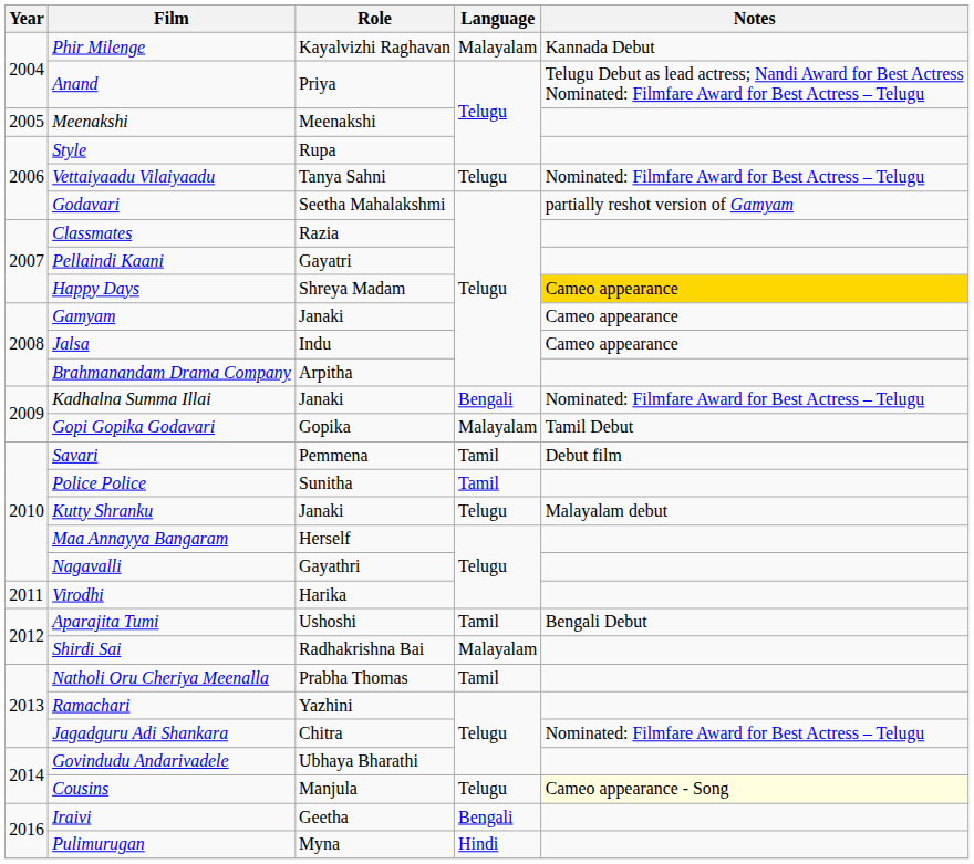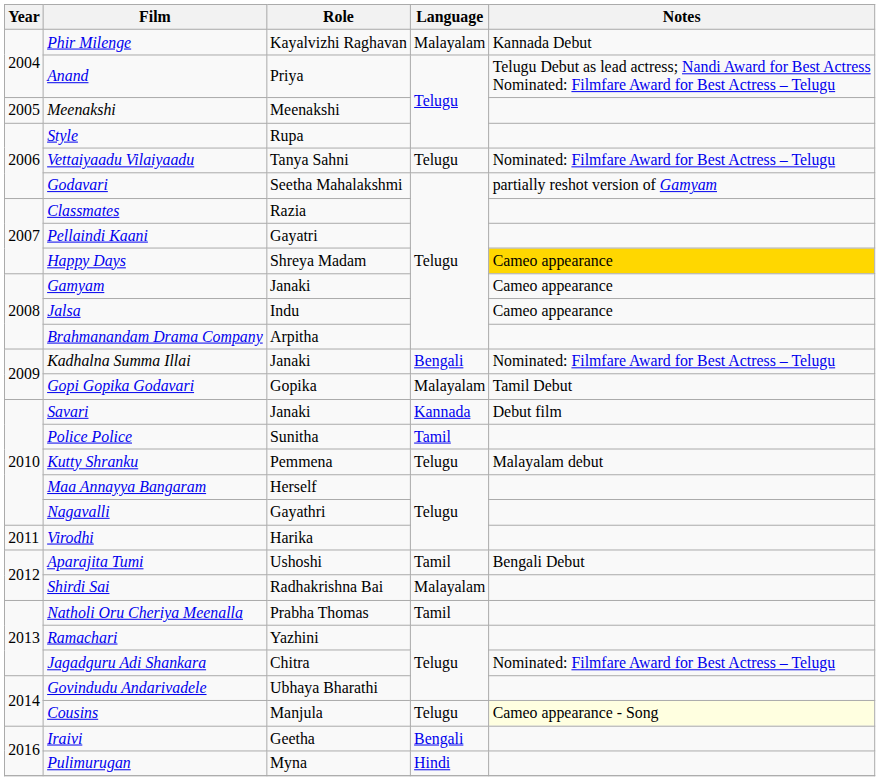 <table class="wikitable sortable">
 <tr style="background:#ccc; text-align:center;">
 <th>Year</th>
 <th>Film</th>
 <th>Role</th>
 <th>Language</th>
 <th class="unsortable">Notes</th>
 </tr>
 <tr>
 <td rowspan="2">2004</td>
 <td><em><a href='#'>Phir Milenge</a></em></td>
 <td>Kayalvizhi Raghavan</td>
 <td>Malayalam</td>
 <td>Kannada Debut</td>
 </tr>
 <tr>
 <td><em><a href='#'>Anand</a></em></td>
 <td>Priya</td>
 <td rowspan="3"><a href='#'>Telugu</a></td>
 <td>Telugu Debut as lead actress; <a href='#'>Nandi Award for Best Actress</a><br> Nominated: <a href='#'>Filmfare Award for Best Actress – Telugu</a></td>
 </tr>
 <tr>
 <td>2005</td>
 <td><em>Meenakshi</em></td>
 <td>Meenakshi</td>
 <td></td>
 </tr>
 <tr>
 <td rowspan="3">2006</td>
 <td><em><a href='#'>Style</a></em></td>
 <td>Rupa</td>
 <td></td>
 </tr>
 <tr>
 <td><em><a href='#'>Vettaiyaadu Vilaiyaadu</a></em></td>
 <td>Tanya Sahni</td>
 <td>Telugu</td>
 <td>Nominated: <a href='#'>Filmfare Award for Best Actress – Telugu</a></td>
 </tr>
 <tr>
 <td><em><a href='#'>Godavari</a></em></td>
 <td>Seetha Mahalakshmi</td>
 <td rowspan="7">Telugu</td>
 <td>partially reshot version of <em><a href='#'>Gamyam</a></em></td>
 </tr>
 <tr>
 <td rowspan="3">2007</td>
 <td><em><a href='#'>Classmates</a></em></td>
 <td>Razia</td>
 <td></td>
 </tr>
 <tr>
 <td><em><a href='#'>Pellaindi Kaani</a></em></td>
 <td>Gayatri</td>
 <td></td>
 </tr>
 <tr>
 <td><em><a href='#'>Happy Days</a></em></td>
 <td>Shreya Madam</td>
 <td style="background: gold;">Cameo appearance</td>
 </tr>
 <tr>
 <td rowspan="3">2008</td>
 <td><em><a href='#'>Gamyam</a></em></td>
 <td>Janaki</td>
 <td>Cameo appearance</td>
 </tr>
 <tr>
 <td><em><a href='#'>Jalsa</a></em></td>
 <td>Indu</td>
 <td>Cameo appearance</td>
 </tr>
 <tr>
 <td><em><a href='#'>Brahmanandam Drama Company</a></em></td>
 <td>Arpitha</td>
 <td></td>
 </tr>
 <tr>
 <td rowspan="2">2009</td>
 <td><em>Kadhalna Summa Illai</em></td>
 <td>Janaki</td>
 <td><a href='#'>Bengali</a></td>
 <td>Nominated: <a href='#'>Filmfare Award for Best Actress – Telugu</a></td>
 </tr>
 <tr>
 <td><em><a href='#'>Gopi Gopika Godavari</a></em></td>
 <td>Gopika</td>
 <td>Malayalam</td>
 <td>Tamil Debut</td>
 </tr>
 <tr>
 <td rowspan="5">2010</td>
 <td><em><a href='#'>Savari</a></em></td>
-<td>Pemmena</td>
-<td>Tamil</td>
+<td>Janaki</td>
+<td><a href='#'>Kannada</a></td>
 <td>Debut film</td>
 </tr>
 <tr>
 <td><em><a href='#'>Police Police</a></em></td>
 <td>Sunitha</td>
 <td><a href='#'>Tamil</a></td>
 <td></td>
 </tr>
 <tr>
 <td><em><a href='#'>Kutty Shranku</a></em></td>
-<td>Janaki</td>
+<td>Pemmena</td>
 <td>Telugu</td>
 <td>Malayalam debut</td>
 </tr>
 <tr>
 <td><em><a href='#'>Maa Annayya Bangaram</a></em></td>
 <td>Herself</td>
 <td rowspan="3">Telugu</td>
 <td></td>
 </tr>
 <tr>
 <td><em><a href='#'>Nagavalli</a></em></td>
 <td>Gayathri</td>
 <td></td>
 </tr>
 <tr>
 <td rowspan="1">2011</td>
 <td><em><a href='#'>Virodhi</a></em></td>
 <td>Harika</td>
 <td></td>
 </tr>
 <tr>
 <td rowspan="2">2012</td>
 <td><em><a href='#'>Aparajita Tumi</a></em></td>
 <td>Ushoshi</td>
 <td>Tamil</td>
 <td>Bengali Debut</td>
 </tr>
 <tr>
 <td><em><a href='#'>Shirdi Sai</a></em></td>
 <td>Radhakrishna Bai</td>
 <td>Malayalam</td>
 <td></td>
 </tr>
 <tr>
 <td rowspan="3">2013</td>
 <td><em><a href='#'>Natholi Oru Cheriya Meenalla</a></em></td>
 <td>Prabha Thomas</td>
 <td>Tamil</td>
 <td></td>
 </tr>
 <tr>
 <td><em><a href='#'>Ramachari</a></em></td>
 <td>Yazhini</td>
 <td rowspan="3">Telugu</td>
 <td></td>
 </tr>
 <tr>
 <td><em><a href='#'>Jagadguru Adi Shankara</a></em></td>
 <td>Chitra</td>
 <td>Nominated: <a href='#'>Filmfare Award for Best Actress – Telugu</a></td>
 </tr>
 <tr>
 <td rowspan="2">2014</td>
 <td><em><a href='#'>Govindudu Andarivadele</a></em></td>
 <td>Ubhaya Bharathi</td>
 <td></td>
 </tr>
 <tr>
 <td><em><a href='#'>Cousins</a></em></td>
 <td>Manjula</td>
 <td>Telugu</td>
 <td style="background: lightyellow;">Cameo appearance - Song</td>
 </tr>
 <tr>
 <td rowspan="2">2016</td>
 <td><em><a href='#'>Iraivi</a></em></td>
 <td>Geetha</td>
 <td><a href='#'>Bengali</a></td>
 <td></td>
 </tr>
 <tr>
 <td><em><a href='#'>Pulimurugan</a></em></td>
 <td>Myna</td>
 <td><a href='#'>Hindi</a></td>
 <td></td>
 </tr>
 <tr>
 </tr>
 </table>
